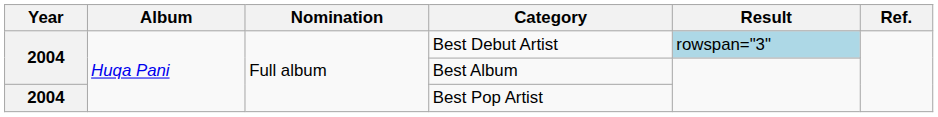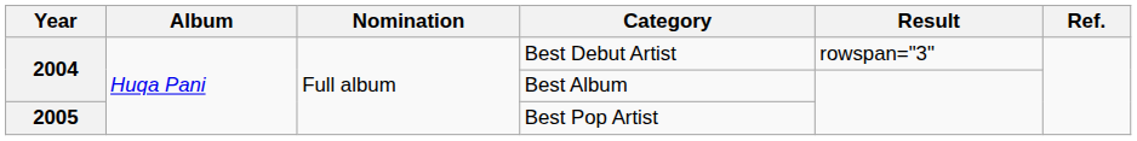 <table class="wikitable plainrowheaders" width="70%" "textcolor:#000;">
 <tr>
 <th>Year</th>
 <th>Album</th>
 <th>Nomination</th>
 <th>Category</th>
 <th>Result</th>
 <th>Ref.</th>
 </tr>
 <tr>
 <th rowspan="2">2004</th>
 <td rowspan="3"><em><a href='#'>Huqa Pani</a></em></td>
 <td rowspan="3">Full album</td>
 <td>Best Debut Artist</td>
-<td style="background: lightblue;">rowspan="3" </td>
+<td>rowspan="3" </td>
 <td rowspan="3"></td>
 </tr>
 <tr>
 <td>Best Album</td>
 </tr>
 <tr>
-<th>2004</th>
+<th>2005</th>
 <td>Best Pop Artist</td>
 </tr>
 </table>
